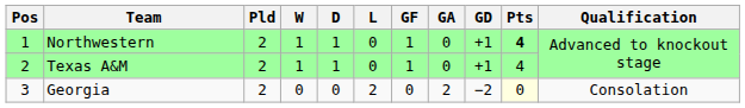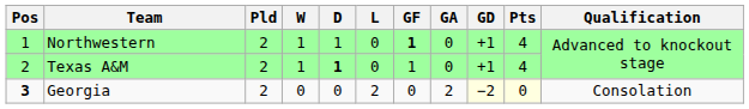 <table class="wikitable" style="text-align:center; margin: 1em auto">
 <tr>
 <th style="width:2em">Pos</th>
 <th style="width:13em">Team</th>
 <th style="width:2em">Pld</th>
 <th style="width:2em">W</th>
 <th style="width:2em">D</th>
 <th style="width:2em">L</th>
 <th style="width:2em">GF</th>
 <th style="width:2em">GA</th>
 <th style="width:2em">GD</th>
 <th style="width:2em">Pts</th>
 <th style="width:13em">Qualification</th>
 </tr>
 <tr bgcolor="#9eff9e">
 <td>1</td>
 <td style="text-align:left">Northwestern</td>
 <td>2</td>
 <td>1</td>
 <td>1</td>
 <td>0</td>
-<td>1</td>
+<td><strong>1</strong></td>
 <td>0</td>
 <td>+1</td>
-<td><strong>4</strong></td>
+<td>4</td>
 <td rowspan="2">Advanced to knockout stage</td>
 </tr>
 <tr bgcolor="#9eff9e">
 <td>2</td>
 <td style="text-align:left">Texas A&M</td>
 <td>2</td>
 <td>1</td>
-<td>1</td>
+<td><strong>1</strong></td>
 <td>0</td>
 <td>1</td>
 <td>0</td>
 <td>+1</td>
 <td>4</td>
 </tr>
 <tr>
-<td>3</td>
+<td><strong>3</strong></td>
 <td style="text-align:left">Georgia</td>
 <td>2</td>
 <td>0</td>
 <td>0</td>
 <td>2</td>
 <td>0</td>
 <td>2</td>
-<td>−2</td>
+<td style="background: lightyellow;">−2</td>
 <td style="background: lightyellow;">0</td>
 <td>Consolation</td>
 </tr>
 </table>
